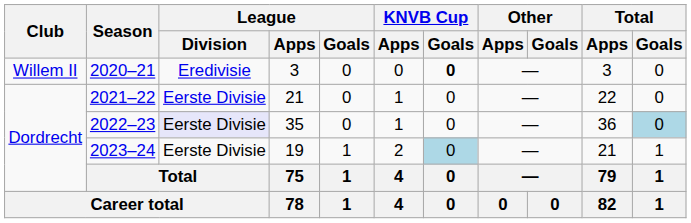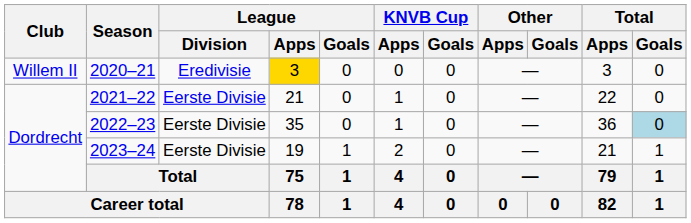 <table class="wikitable" style="text-align:center">
 <tr>
 <th rowspan="2">Club</th>
 <th rowspan="2">Season</th>
 <th colspan="3">League</th>
 <th colspan="2"><a href='#'>KNVB Cup</a></th>
 <th colspan="2">Other</th>
 <th colspan="2">Total</th>
 </tr>
 <tr>
 <th>Division</th>
 <th>Apps</th>
 <th>Goals</th>
 <th>Apps</th>
 <th>Goals</th>
 <th>Apps</th>
 <th>Goals</th>
 <th>Apps</th>
 <th>Goals</th>
 </tr>
 <tr>
 <td><a href='#'>Willem II</a></td>
 <td><a href='#'>2020–21</a></td>
 <td><a href='#'>Eredivisie</a></td>
-<td>3</td>
+<td style="background: gold;">3</td>
 <td>0</td>
 <td>0</td>
-<td><strong>0</strong></td>
+<td>0</td>
 <td colspan="2">—</td>
 <td>3</td>
 <td>0</td>
 </tr>
 <tr>
 <td rowspan="4"><a href='#'>Dordrecht</a></td>
 <td><a href='#'>2021–22</a></td>
 <td><a href='#'>Eerste Divisie</a></td>
 <td>21</td>
 <td>0</td>
 <td>1</td>
 <td>0</td>
 <td colspan="2">—</td>
 <td>22</td>
 <td>0</td>
 </tr>
 <tr>
 <td><a href='#'>2022–23</a></td>
-<td style="background: lavender;">Eerste Divisie</td>
+<td>Eerste Divisie</td>
 <td>35</td>
 <td>0</td>
 <td>1</td>
 <td>0</td>
 <td colspan="2">—</td>
 <td>36</td>
 <td style="background: lightblue;">0</td>
 </tr>
 <tr>
 <td><a href='#'>2023–24</a></td>
 <td>Eerste Divisie</td>
 <td>19</td>
 <td>1</td>
 <td>2</td>
-<td style="background: lightblue;">0</td>
+<td>0</td>
 <td colspan="2">—</td>
 <td>21</td>
 <td>1</td>
 </tr>
 <tr>
 <th colspan="2">Total</th>
 <th>75</th>
 <th>1</th>
 <th>4</th>
 <th>0</th>
 <th colspan="2">—</th>
 <th>79</th>
 <th>1</th>
 </tr>
 <tr>
 <th colspan="3">Career total</th>
 <th>78</th>
 <th>1</th>
 <th>4</th>
 <th>0</th>
 <th>0</th>
 <th>0</th>
 <th>82</th>
 <th>1</th>
 </tr>
 </table>
